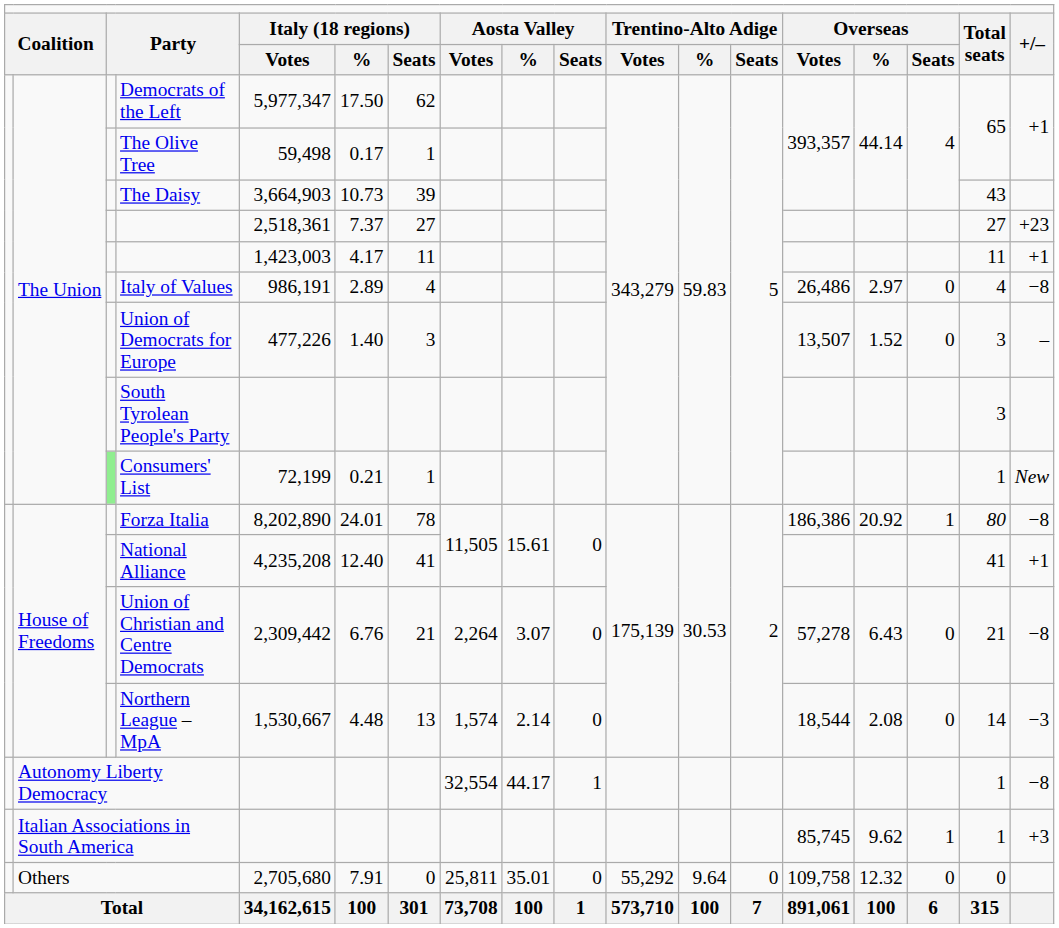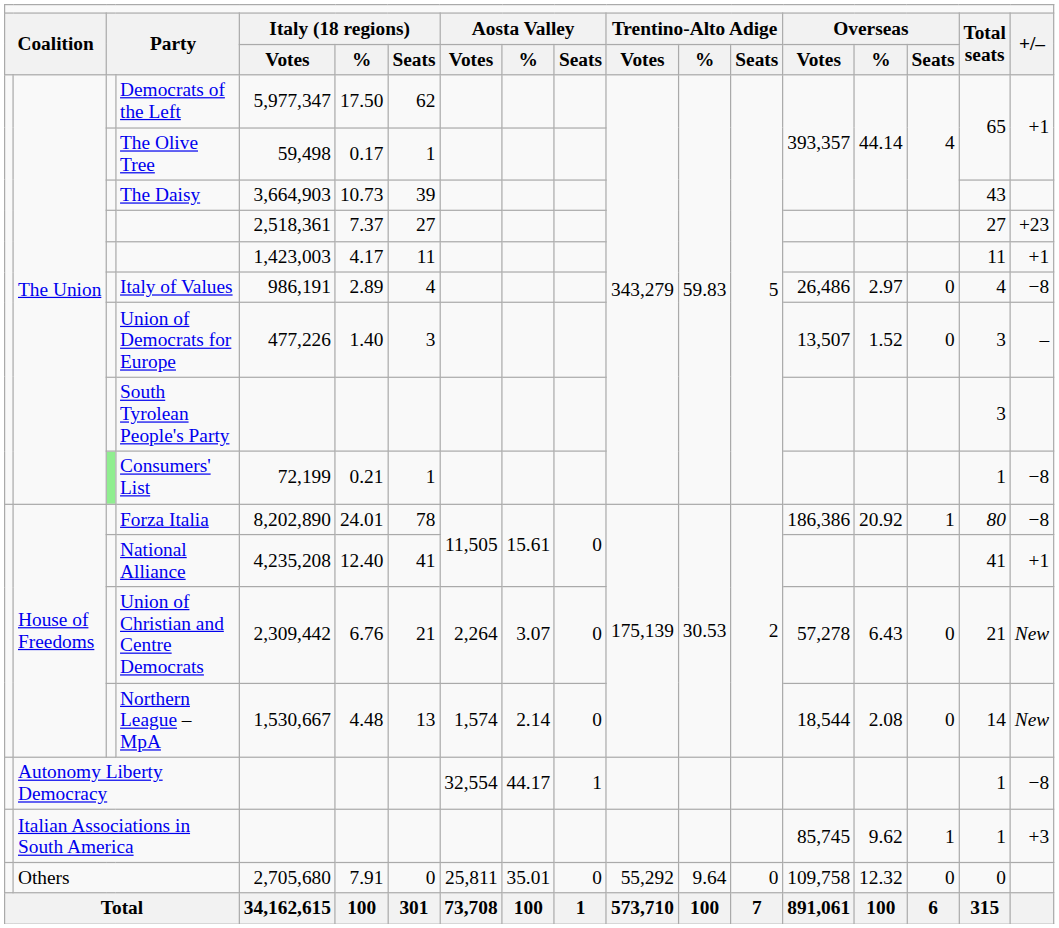 <table class="wikitable" style="text-align:right">
 <tr>
 <td colspan="18" style="text-align:center"></td>
 </tr>
 <tr>
 <th align=left colspan=2 rowspan=2>Coalition</th>
 <th colspan=2 rowspan=2>Party</th>
 <th colspan="3" align="center" valign=top>Italy (18 regions)</th>
 <th colspan="3" align="center" valign=top>Aosta Valley</th>
 <th colspan="3" align="center" valign=top>Trentino-Alto Adige</th>
 <th colspan="3" align="center" valign=top>Overseas</th>
 <th align=left rowspan=2><strong>Total<br> seats</strong></th>
 <th align=left rowspan=2>+/–</th>
 </tr>
 <tr>
 <th style="background-color:" align="center" valign=bottom>Votes</th>
 <th style="background-color:" align="center" valign=bottom>%</th>
 <th style="background-color:" align="center" valign=bottom>Seats</th>
 <th style="background-color:" align="center" valign=bottom>Votes</th>
 <th style="background-color:" align="center" valign=bottom>%</th>
 <th style="background-color:" align="center" valign=bottom>Seats</th>
 <th style="background-color:" align="center" valign=bottom>Votes</th>
 <th style="background-color:" align="center" valign=bottom>%</th>
 <th style="background-color:" align="center" valign=bottom>Seats</th>
 <th style="background-color:" align="center" valign=bottom>Votes</th>
 <th style="background-color:" align="center" valign=bottom>%</th>
 <th style="background-color:" align="center" valign=bottom>Seats</th>
 </tr>
 <tr>
 <td rowspan="9"></td>
 <td style="text-align:left;" rowspan="9"><a href='#'>The Union</a></td>
 <td></td>
 <td align=left><a href='#'>Democrats of the Left</a></td>
 <td>5,977,347</td>
 <td>17.50</td>
 <td>62</td>
 <td></td>
 <td></td>
 <td></td>
 <td rowspan="9">343,279</td>
 <td rowspan="9">59.83</td>
 <td rowspan="9">5</td>
 <td rowspan="3">393,357</td>
 <td rowspan="3">44.14</td>
 <td rowspan="3">4</td>
 <td rowspan="2">65</td>
 <td rowspan="2"><span>+1</span></td>
 </tr>
 <tr>
 <td></td>
 <td align=left><a href='#'>The Olive Tree</a></td>
 <td>59,498</td>
 <td>0.17</td>
 <td>1</td>
 <td></td>
 <td></td>
 <td></td>
 </tr>
 <tr>
 <td></td>
 <td align=left><a href='#'>The Daisy</a></td>
 <td>3,664,903</td>
 <td>10.73</td>
 <td>39</td>
 <td></td>
 <td></td>
 <td></td>
 <td>43</td>
 <td></td>
 </tr>
 <tr>
 <td></td>
 <td align=left></td>
 <td>2,518,361</td>
 <td>7.37</td>
 <td>27</td>
 <td></td>
 <td></td>
 <td></td>
 <td></td>
 <td></td>
 <td></td>
 <td>27</td>
 <td><span>+23</span></td>
 </tr>
 <tr>
 <td></td>
 <td align=left></td>
 <td>1,423,003</td>
 <td>4.17</td>
 <td>11</td>
 <td></td>
 <td></td>
 <td></td>
 <td></td>
 <td></td>
 <td></td>
 <td>11</td>
 <td><span>+1</span></td>
 </tr>
 <tr>
 <td></td>
 <td align=left><a href='#'>Italy of Values</a></td>
 <td>986,191</td>
 <td>2.89</td>
 <td>4</td>
 <td></td>
 <td></td>
 <td></td>
 <td>26,486</td>
 <td>2.97</td>
 <td>0</td>
 <td>4</td>
 <td><span>−8</span></td>
 </tr>
 <tr>
 <td></td>
 <td align=left><a href='#'>Union of Democrats for Europe</a></td>
 <td>477,226</td>
 <td>1.40</td>
 <td>3</td>
 <td></td>
 <td></td>
 <td></td>
 <td>13,507</td>
 <td>1.52</td>
 <td>0</td>
 <td>3</td>
 <td>–</td>
 </tr>
 <tr>
 <td></td>
 <td align=left><a href='#'>South Tyrolean People's Party</a></td>
 <td></td>
 <td></td>
 <td></td>
 <td></td>
 <td></td>
 <td></td>
 <td></td>
 <td></td>
 <td></td>
 <td>3</td>
 <td></td>
 </tr>
 <tr>
 <td bgcolor="lightgreen"></td>
 <td align=left><a href='#'>Consumers' List</a></td>
 <td>72,199</td>
 <td>0.21</td>
 <td>1</td>
 <td></td>
 <td></td>
 <td></td>
 <td></td>
 <td></td>
 <td></td>
 <td>1</td>
-<td><em>New</em></td>
+<td><span>−8</span></td>
 </tr>
 <tr>
 <td rowspan="4"></td>
 <td style="text-align:left;" rowspan="4"><a href='#'>House of Freedoms</a></td>
 <td></td>
 <td align=left><a href='#'>Forza Italia</a></td>
 <td>8,202,890</td>
 <td>24.01</td>
 <td>78</td>
 <td rowspan="2">11,505</td>
 <td rowspan="2">15.61</td>
 <td rowspan="2">0</td>
 <td rowspan="4">175,139</td>
 <td rowspan="4">30.53</td>
 <td rowspan="4">2</td>
 <td>186,386</td>
 <td>20.92</td>
 <td>1</td>
 <td><em>80</em></td>
 <td><span>−8</span></td>
 </tr>
 <tr>
 <td></td>
 <td align=left><a href='#'>National Alliance</a></td>
 <td>4,235,208</td>
 <td>12.40</td>
 <td>41</td>
 <td></td>
 <td></td>
 <td></td>
 <td>41</td>
 <td><span>+1</span></td>
 </tr>
 <tr>
 <td></td>
 <td align=left><a href='#'>Union of Christian and Centre Democrats</a></td>
 <td>2,309,442</td>
 <td>6.76</td>
 <td>21</td>
 <td>2,264</td>
 <td>3.07</td>
 <td>0</td>
 <td>57,278</td>
 <td>6.43</td>
 <td>0</td>
 <td>21</td>
-<td><span>−8</span></td>
+<td><em>New</em></td>
 </tr>
 <tr>
 <td></td>
 <td align=left><a href='#'>Northern League</a> – <a href='#'>MpA</a></td>
 <td>1,530,667</td>
 <td>4.48</td>
 <td>13</td>
 <td>1,574</td>
 <td>2.14</td>
 <td>0</td>
 <td>18,544</td>
 <td>2.08</td>
 <td>0</td>
 <td>14</td>
-<td><span>−3</span></td>
+<td><em>New</em></td>
 </tr>
 <tr>
 <td></td>
 <td colspan="3" align=left><a href='#'>Autonomy Liberty Democracy</a></td>
 <td></td>
 <td></td>
 <td></td>
 <td>32,554</td>
 <td>44.17</td>
 <td>1</td>
 <td></td>
 <td></td>
 <td></td>
 <td></td>
 <td></td>
 <td></td>
 <td>1</td>
 <td><span>−8</span></td>
 </tr>
 <tr>
 <td></td>
 <td colspan="3" align=left><a href='#'>Italian Associations in South America</a></td>
 <td></td>
 <td></td>
 <td></td>
 <td></td>
 <td></td>
 <td></td>
 <td></td>
 <td></td>
 <td></td>
 <td>85,745</td>
 <td>9.62</td>
 <td>1</td>
 <td>1</td>
 <td><span>+3</span></td>
 </tr>
 <tr>
 <td></td>
 <td colspan="3" align=left>Others</td>
 <td>2,705,680</td>
 <td>7.91</td>
 <td>0</td>
 <td>25,811</td>
 <td>35.01</td>
 <td>0</td>
 <td>55,292</td>
 <td>9.64</td>
 <td>0</td>
 <td>109,758</td>
 <td>12.32</td>
 <td>0</td>
 <td>0</td>
 <td></td>
 </tr>
 <tr>
 <th colspan=4 align=left><strong>Total</strong></th>
 <th><strong>34,162,615</strong></th>
 <th><strong>100</strong></th>
 <th><strong>301</strong></th>
 <th><strong>73,708</strong></th>
 <th><strong>100</strong></th>
 <th><strong>1</strong></th>
 <th><strong>573,710</strong></th>
 <th><strong>100</strong></th>
 <th><strong>7</strong></th>
 <th><strong>891,061</strong></th>
 <th><strong>100</strong></th>
 <th><strong>6</strong></th>
 <th><strong>315</strong></th>
 <th></th>
 </tr>
 </table>
